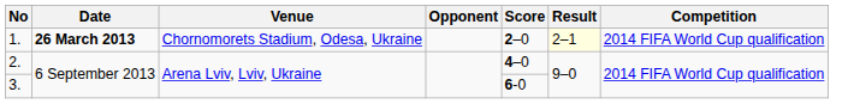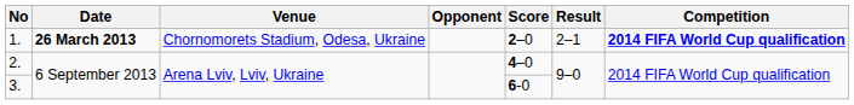 <table class="wikitable">
 <tr>
 <th>No</th>
 <th>Date</th>
 <th>Venue</th>
 <th>Opponent</th>
 <th>Score</th>
 <th>Result</th>
 <th>Competition</th>
 </tr>
 <tr>
 <td>1.</td>
 <td><strong>26 March 2013</strong></td>
 <td><a href='#'>Chornomorets Stadium</a>, <a href='#'>Odesa</a>, <a href='#'>Ukraine</a></td>
 <td></td>
 <td><strong>2</strong>–0</td>
-<td style="background: lightyellow;">2–1</td>
-<td><a href='#'>2014 FIFA World Cup qualification</a></td>
+<td>2–1</td>
+<td><strong><a href='#'>2014 FIFA World Cup qualification</a></strong></td>
 </tr>
 <tr>
 <td>2.</td>
 <td rowspan=2>6 September 2013</td>
 <td rowspan=2><a href='#'>Arena Lviv</a>, <a href='#'>Lviv</a>, <a href='#'>Ukraine</a></td>
 <td rowspan=2></td>
 <td><strong>4</strong>–0</td>
 <td rowspan=2>9–0</td>
 <td rowspan=2><a href='#'>2014 FIFA World Cup qualification</a></td>
 </tr>
 <tr>
 <td>3.</td>
 <td><strong>6</strong>-0</td>
 </tr>
 </table>
